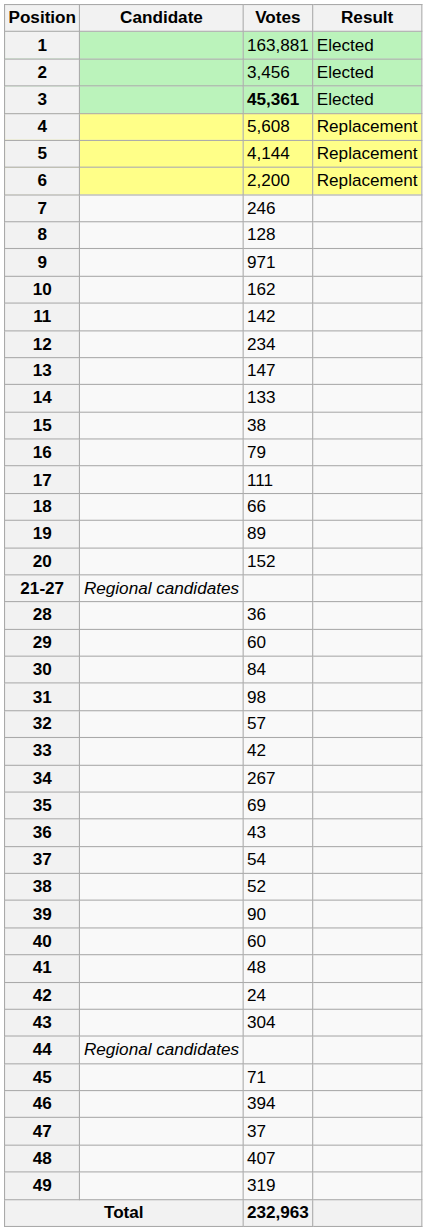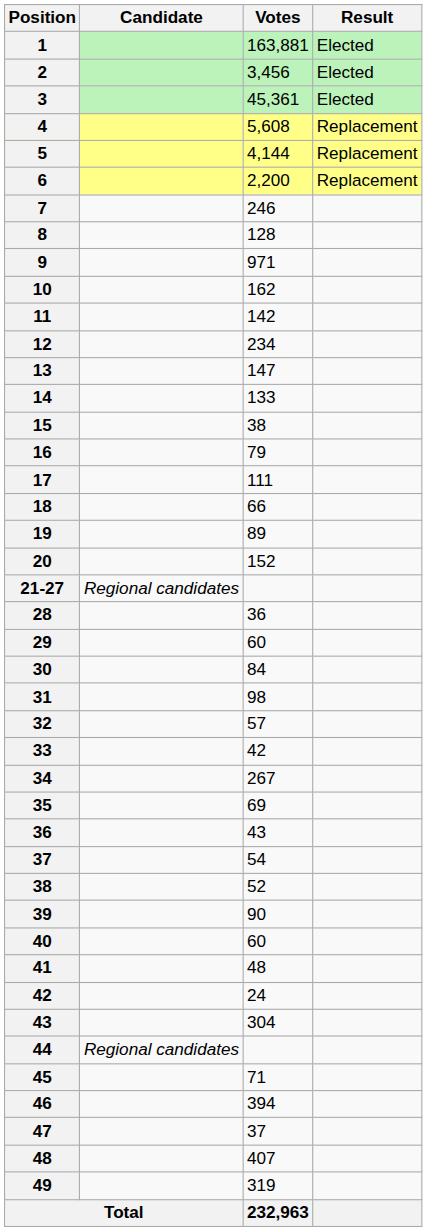 <table class="wikitable sortable col3right">
 <tr>
 <th scope="col">Position</th>
 <th scope="col">Candidate</th>
 <th scope="col">Votes</th>
 <th scope="col">Result</th>
 </tr>
 <tr bgcolor=bbf3bb>
 <th scope="row">1</th>
 <td></td>
 <td>163,881</td>
 <td>Elected</td>
 </tr>
 <tr bgcolor=bbf3bb>
 <th scope="row">2</th>
 <td></td>
 <td>3,456</td>
 <td>Elected</td>
 </tr>
 <tr bgcolor=bbf3bb>
 <th scope="row">3</th>
 <td></td>
-<td><strong>45,361</strong></td>
+<td>45,361</td>
 <td>Elected</td>
 </tr>
 <tr bgcolor=#FF8>
 <th scope="row">4</th>
 <td></td>
 <td>5,608</td>
 <td>Replacement</td>
 </tr>
 <tr bgcolor=#FF8>
 <th scope="row">5</th>
 <td></td>
 <td>4,144</td>
 <td>Replacement</td>
 </tr>
 <tr bgcolor=#FF8>
 <th scope="row">6</th>
 <td></td>
 <td>2,200</td>
 <td>Replacement</td>
 </tr>
 <tr>
 <th scope="row">7</th>
 <td></td>
 <td>246</td>
 <td></td>
 </tr>
 <tr>
 <th scope="row">8</th>
 <td></td>
 <td>128</td>
 <td></td>
 </tr>
 <tr>
 <th scope="row">9</th>
 <td></td>
 <td>971</td>
 <td></td>
 </tr>
 <tr>
 <th scope="row">10</th>
 <td></td>
 <td>162</td>
 <td></td>
 </tr>
 <tr>
 <th scope="row">11</th>
 <td></td>
 <td>142</td>
 <td></td>
 </tr>
 <tr>
 <th scope="row">12</th>
 <td></td>
 <td>234</td>
 <td></td>
 </tr>
 <tr>
 <th scope="row">13</th>
 <td></td>
 <td>147</td>
 <td></td>
 </tr>
 <tr>
 <th scope="row">14</th>
 <td></td>
 <td>133</td>
 <td></td>
 </tr>
 <tr>
 <th scope="row">15</th>
 <td></td>
 <td>38</td>
 <td></td>
 </tr>
 <tr>
 <th scope="row">16</th>
 <td></td>
 <td>79</td>
 <td></td>
 </tr>
 <tr>
 <th scope="row">17</th>
 <td></td>
 <td>111</td>
 <td></td>
 </tr>
 <tr>
 <th scope="row">18</th>
 <td></td>
 <td>66</td>
 <td></td>
 </tr>
 <tr>
 <th scope="row">19</th>
 <td></td>
 <td>89</td>
 <td></td>
 </tr>
 <tr>
 <th scope="row">20</th>
 <td></td>
 <td>152</td>
 <td></td>
 </tr>
 <tr>
 <th scope="row">21-27</th>
 <td><em>Regional candidates</em></td>
 <td align="right"></td>
 <td></td>
 </tr>
 <tr>
 <th scope="row">28</th>
 <td></td>
 <td>36</td>
 <td></td>
 </tr>
 <tr>
 <th scope="row">29</th>
 <td></td>
 <td>60</td>
 <td></td>
 </tr>
 <tr>
 <th scope="row">30</th>
 <td></td>
 <td>84</td>
 <td></td>
 </tr>
 <tr>
 <th scope="row">31</th>
 <td></td>
 <td>98</td>
 <td></td>
 </tr>
 <tr>
 <th scope="row">32</th>
 <td></td>
 <td>57</td>
 <td></td>
 </tr>
 <tr>
 <th scope="row">33</th>
 <td></td>
 <td>42</td>
 <td></td>
 </tr>
 <tr>
 <th scope="row">34</th>
 <td></td>
 <td>267</td>
 <td></td>
 </tr>
 <tr>
 <th scope="row">35</th>
 <td></td>
 <td>69</td>
 <td></td>
 </tr>
 <tr>
 <th scope="row">36</th>
 <td></td>
 <td>43</td>
 <td></td>
 </tr>
 <tr>
 <th scope="row">37</th>
 <td></td>
 <td>54</td>
 <td></td>
 </tr>
 <tr>
 <th scope="row">38</th>
 <td></td>
 <td>52</td>
 <td></td>
 </tr>
 <tr>
 <th scope="row">39</th>
 <td></td>
 <td>90</td>
 <td></td>
 </tr>
 <tr>
 <th scope="row">40</th>
 <td></td>
 <td>60</td>
 <td></td>
 </tr>
 <tr>
 <th scope="row">41</th>
 <td></td>
 <td>48</td>
 <td></td>
 </tr>
 <tr>
 <th scope="row">42</th>
 <td></td>
 <td>24</td>
 <td></td>
 </tr>
 <tr>
 <th scope="row">43</th>
 <td></td>
 <td>304</td>
 <td></td>
 </tr>
 <tr>
 <th scope="row">44</th>
 <td><em>Regional candidates</em></td>
 <td align="right"></td>
 <td></td>
 </tr>
 <tr>
 <th scope="row">45</th>
 <td></td>
 <td>71</td>
 <td></td>
 </tr>
 <tr>
 <th scope="row">46</th>
 <td></td>
 <td>394</td>
 <td></td>
 </tr>
 <tr>
 <th scope="row">47</th>
 <td></td>
 <td>37</td>
 <td></td>
 </tr>
 <tr>
 <th scope="row">48</th>
 <td></td>
 <td>407</td>
 <td></td>
 </tr>
 <tr>
 <th scope="row">49</th>
 <td></td>
 <td>319</td>
 <td></td>
 </tr>
 <tr class=sortbottom>
 <th scope="row" colspan="2">Total</th>
 <th style="text-align:right">232,963</th>
 <th></th>
 </tr>
 </table>
